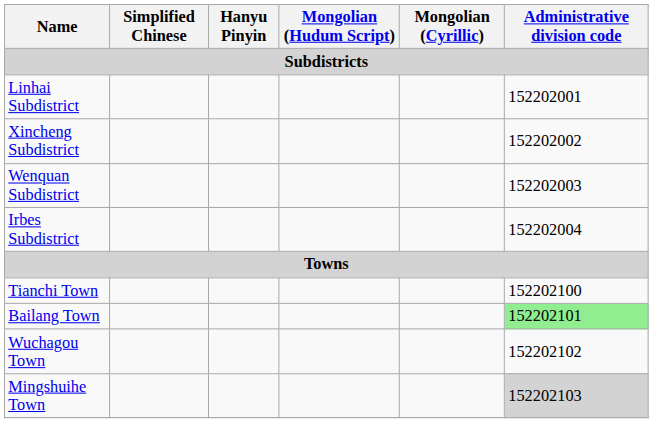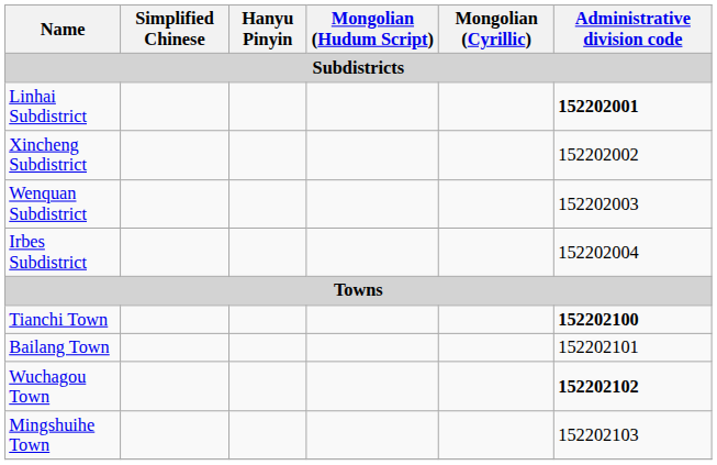 <table class="wikitable" align="center" style="width:50%; border="1">
 <tr>
 <th>Name</th>
 <th>Simplified Chinese</th>
 <th>Hanyu Pinyin</th>
 <th><a href='#'>Mongolian</a> (<a href='#'>Hudum Script</a>)</th>
 <th>Mongolian (<a href='#'>Cyrillic</a>)</th>
 <th><a href='#'>Administrative division code</a></th>
 </tr>
 <tr>
 <td colspan="6"  style="text-align:center; background:#d3d3d3;"><strong>Subdistricts</strong></td>
 </tr>
 <tr --------->
 <td><a href='#'>Linhai Subdistrict</a></td>
 <td></td>
 <td></td>
 <td></td>
 <td></td>
-<td>152202001</td>
+<td><strong>152202001</strong></td>
 </tr>
 <tr>
 <td><a href='#'>Xincheng Subdistrict</a></td>
 <td></td>
 <td></td>
 <td></td>
 <td></td>
 <td>152202002</td>
 </tr>
 <tr>
 <td><a href='#'>Wenquan Subdistrict</a></td>
 <td></td>
 <td></td>
 <td></td>
 <td></td>
 <td>152202003</td>
 </tr>
 <tr>
 <td><a href='#'>Irbes Subdistrict</a></td>
 <td></td>
 <td></td>
 <td></td>
 <td></td>
 <td>152202004</td>
 </tr>
 <tr>
 <td colspan="6"  style="text-align:center; background:#d3d3d3;"><strong>Towns</strong></td>
 </tr>
 <tr --------->
 <td><a href='#'>Tianchi Town</a></td>
 <td></td>
 <td></td>
 <td></td>
 <td></td>
-<td>152202100</td>
+<td><strong>152202100</strong></td>
 </tr>
 <tr>
 <td><a href='#'>Bailang Town</a></td>
 <td></td>
 <td></td>
 <td></td>
 <td></td>
-<td style="background: lightgreen;">152202101</td>
+<td>152202101</td>
 </tr>
 <tr>
 <td><a href='#'>Wuchagou Town</a></td>
 <td></td>
 <td></td>
 <td></td>
 <td></td>
-<td>152202102</td>
+<td><strong>152202102</strong></td>
 </tr>
 <tr>
 <td><a href='#'>Mingshuihe Town</a></td>
 <td></td>
 <td></td>
 <td></td>
 <td></td>
-<td style="background: lightgrey;">152202103</td>
+<td>152202103</td>
 </tr>
 <tr>
 </tr>
 </table>
